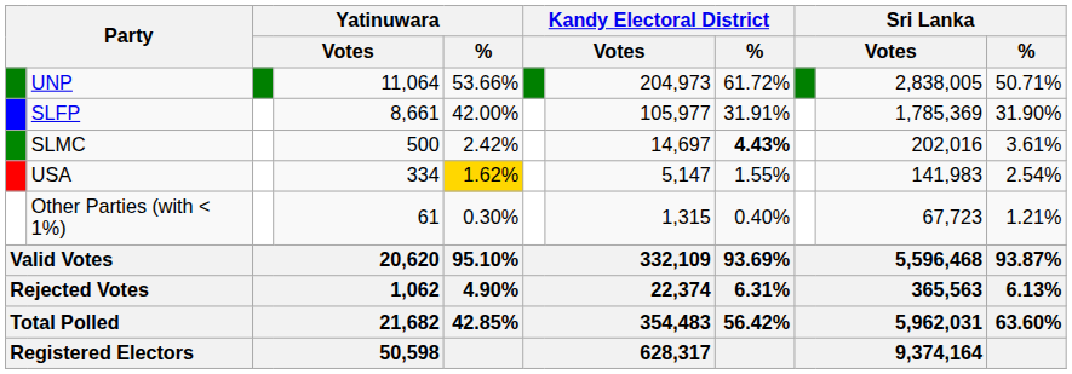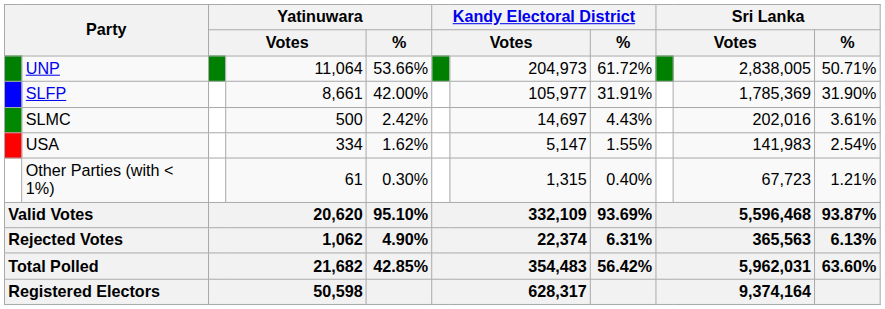 <table class="wikitable">
 <tr>
 <th colspan="2" width="144px"rowspan="2">Party</th>
 <th colspan="3" width="216px">Yatinuwara</th>
 <th colspan="3" width="216px"><a href='#'>Kandy Electoral District</a></th>
 <th colspan="3" width="216px">Sri Lanka</th>
 </tr>
 <tr>
 <th colspan="2" width="144px">Votes</th>
 <th>%</th>
 <th colspan="2" width="144px">Votes</th>
 <th>%</th>
 <th colspan="2" width="144px">Votes</th>
 <th>%</th>
 </tr>
 <tr>
 <td style="background-color:green;" width="10px"></td>
 <td style="text-align:left;"><a href='#'>UNP</a></td>
 <td style="background-color:green;" width="10px"></td>
 <td style="text-align:right;">11,064</td>
 <td style="text-align:right;">53.66%</td>
 <td style="background-color:green;" width="10px"></td>
 <td style="text-align:right;">204,973</td>
 <td style="text-align:right;">61.72%</td>
 <td style="background-color:green;" width="10px"></td>
 <td style="text-align:right;">2,838,005</td>
 <td style="text-align:right;">50.71%</td>
 </tr>
 <tr>
 <td style="background-color:blue;" width="10px"></td>
 <td style="text-align:left;"><a href='#'>SLFP</a></td>
 <td style="background-color:white;" width="10px"></td>
 <td style="text-align:right;">8,661</td>
 <td style="text-align:right;">42.00%</td>
 <td style="background-color:white;" width="10px"></td>
 <td style="text-align:right;">105,977</td>
 <td style="text-align:right;">31.91%</td>
 <td style="background-color:white;" width="10px"></td>
 <td style="text-align:right;">1,785,369</td>
 <td style="text-align:right;">31.90%</td>
 </tr>
 <tr>
 <td style="background-color:#008800;" width="10px"></td>
 <td style="text-align:left;">SLMC</td>
 <td style="background-color:white;" width="10px"></td>
 <td style="text-align:right;">500</td>
 <td style="text-align:right;">2.42%</td>
 <td style="background-color:white;" width="10px"></td>
 <td style="text-align:right;">14,697</td>
-<td style="text-align:right;"><strong>4.43%</strong></td>
+<td style="text-align:right;">4.43%</td>
 <td style="background-color:white;" width="10px"></td>
 <td style="text-align:right;">202,016</td>
 <td style="text-align:right;">3.61%</td>
 </tr>
 <tr>
 <td style="background-color:red;" width="10px"></td>
 <td style="text-align:left;">USA</td>
 <td style="background-color:white;" width="10px"></td>
 <td style="text-align:right;">334</td>
-<td style="background: gold; text-align:right;">1.62%</td>
+<td style="text-align:right;">1.62%</td>
 <td style="background-color:white;" width="10px"></td>
 <td style="text-align:right;">5,147</td>
 <td style="text-align:right;">1.55%</td>
 <td style="background-color:white;" width="10px"></td>
 <td style="text-align:right;">141,983</td>
 <td style="text-align:right;">2.54%</td>
 </tr>
 <tr>
 <td style="background-color:white;" width="10px"></td>
 <td style="text-align:left;">Other Parties (with < 1%)</td>
 <td style="background-color:white;" width="10px"></td>
 <td style="text-align:right;">61</td>
 <td style="text-align:right;">0.30%</td>
 <td style="background-color:white;" width="10px"></td>
 <td style="text-align:right;">1,315</td>
 <td style="text-align:right;">0.40%</td>
 <td style="background-color:white;" width="10px"></td>
 <td style="text-align:right;">67,723</td>
 <td style="text-align:right;">1.21%</td>
 </tr>
 <tr>
 <th colspan="2" width="144px"style="text-align:left;">Valid Votes</th>
 <th style="text-align:right;"colspan="2" width="144px">20,620</th>
 <th style="text-align:right;">95.10%</th>
 <th style="text-align:right;"colspan="2" width="144px">332,109</th>
 <th style="text-align:right;">93.69%</th>
 <th style="text-align:right;"colspan="2" width="144px">5,596,468</th>
 <th style="text-align:right;">93.87%</th>
 </tr>
 <tr>
 <th colspan="2" width="144px"style="text-align:left;">Rejected Votes</th>
 <th style="text-align:right;"colspan="2" width="144px">1,062</th>
 <th style="text-align:right;">4.90%</th>
 <th style="text-align:right;"colspan="2" width="144px">22,374</th>
 <th style="text-align:right;">6.31%</th>
 <th style="text-align:right;"colspan="2" width="144px">365,563</th>
 <th style="text-align:right;">6.13%</th>
 </tr>
 <tr>
 <th colspan="2" width="144px"style="text-align:left;">Total Polled</th>
 <th style="text-align:right;"colspan="2" width="144px">21,682</th>
 <th style="text-align:right;">42.85%</th>
 <th style="text-align:right;"colspan="2" width="144px">354,483</th>
 <th style="text-align:right;">56.42%</th>
 <th style="text-align:right;"colspan="2" width="144px">5,962,031</th>
 <th style="text-align:right;">63.60%</th>
 </tr>
 <tr>
 <th colspan="2" width="144px"style="text-align:left;">Registered Electors</th>
 <th style="text-align:right;"colspan="2" width="144px">50,598</th>
 <th></th>
 <th style="text-align:right;"colspan="2" width="144px">628,317</th>
 <th></th>
 <th style="text-align:right;"colspan="2" width="144px">9,374,164</th>
 <th></th>
 </tr>
 </table>
